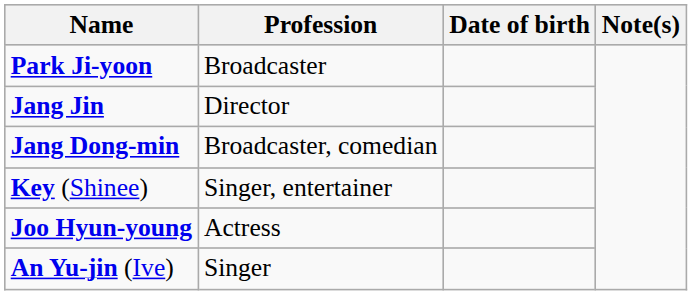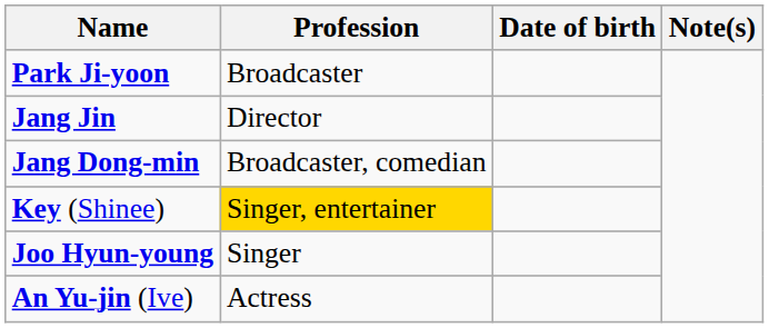 <table class=wikitable>
 <tr>
 <th>Name</th>
 <th>Profession</th>
 <th>Date of birth</th>
 <th>Note(s)</th>
 </tr>
 <tr>
 <td><strong><a href='#'>Park Ji-yoon</a></strong></td>
 <td>Broadcaster</td>
 <td></td>
 <td rowspan=6></td>
 </tr>
 <tr>
 <td><strong><a href='#'>Jang Jin</a></strong></td>
 <td>Director</td>
 <td></td>
 </tr>
 <tr>
 <td><strong><a href='#'>Jang Dong-min</a></strong></td>
 <td>Broadcaster, comedian</td>
 <td></td>
 </tr>
 <tr>
 <td><strong><a href='#'>Key</a></strong> (<a href='#'>Shinee</a>)</td>
-<td>Singer, entertainer</td>
+<td style="background: gold;">Singer, entertainer</td>
 <td></td>
 </tr>
 <tr>
 <td><strong><a href='#'>Joo Hyun-young</a></strong></td>
-<td>Actress</td>
+<td>Singer</td>
 <td></td>
 </tr>
 <tr>
 <td><strong><a href='#'>An Yu-jin</a></strong> (<a href='#'>Ive</a>)</td>
-<td>Singer</td>
+<td>Actress</td>
 <td></td>
 </tr>
 </table>
